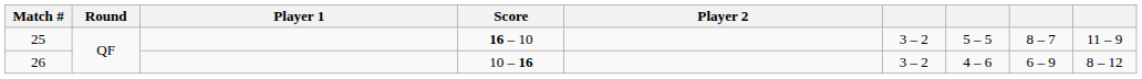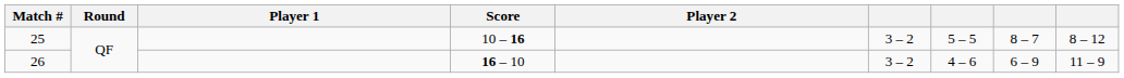 <table class="wikitable">
 <tr>
 <th width="2%">Match #</th>
 <th width="2%">Round</th>
 <th width="15%">Player 1</th>
 <th width="5%">Score</th>
 <th width="15%">Player 2</th>
 <th width="3%"></th>
 <th width="3%"></th>
 <th width="3%"></th>
 <th width="3%"></th>
 </tr>
 <tr style=text-align:center;"background:#;">
 <td>25</td>
 <td rowspan=2>QF</td>
 <td></td>
-<td><strong>16</strong> – 10</td>
+<td>10 – <strong>16</strong></td>
 <td></td>
 <td>3 – 2</td>
 <td>5 – 5</td>
 <td>8 – 7</td>
-<td>11 – 9</td>
+<td>8 – 12</td>
 </tr>
 <tr style=text-align:center;"background:#;">
 <td>26</td>
 <td></td>
-<td>10 – <strong>16</strong></td>
+<td><strong>16</strong> – 10</td>
 <td></td>
 <td>3 – 2</td>
 <td>4 – 6</td>
 <td>6 – 9</td>
-<td>8 – 12</td>
+<td>11 – 9</td>
 </tr>
 </table>
